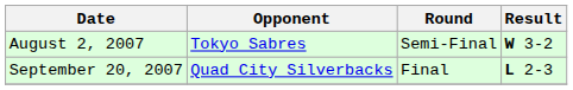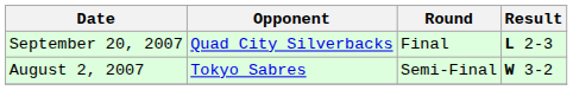 <table class="wikitable">
 <tr>
 <th>Date</th>
 <th>Opponent</th>
 <th>Round</th>
 <th>Result</th>
 </tr>
 <tr style="background: #ddffdd;">
+<td>September 20, 2007</td>
+<td><a href='#'>Quad City Silverbacks</a></td>
+<td>Final</td>
+<td><strong>L</strong> 2-3</td>
+</tr>
+<tr style="background: #ddffdd;">
 <td>August 2, 2007</td>
 <td><a href='#'>Tokyo Sabres</a></td>
 <td>Semi-Final</td>
 <td><strong>W</strong> 3-2</td>
 </tr>
 <tr style="background: #ddffdd;">
-<td>September 20, 2007</td>
-<td><a href='#'>Quad City Silverbacks</a></td>
-<td>Final</td>
-<td><strong>L</strong> 2-3</td>
-</tr>
-<tr style="background: #ddffdd;">
 </tr>
 </table>
